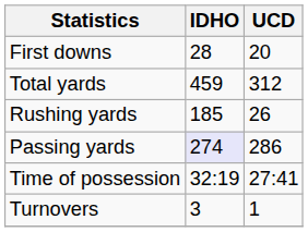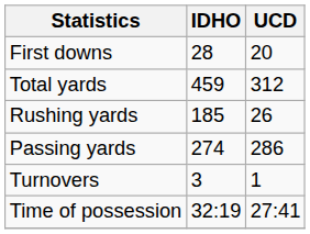 <table class="wikitable" style="float: left;">
 <tr>
 <th>Statistics</th>
 <th>IDHO</th>
 <th>UCD</th>
 </tr>
 <tr>
 <td>First downs</td>
 <td>28</td>
 <td>20</td>
 </tr>
 <tr>
 <td>Total yards</td>
 <td>459</td>
 <td>312</td>
 </tr>
 <tr>
 <td>Rushing yards</td>
 <td>185</td>
 <td>26</td>
 </tr>
 <tr>
 <td>Passing yards</td>
-<td style="background: lavender;">274</td>
+<td>274</td>
 <td>286</td>
+</tr>
+<tr>
+<td>Turnovers</td>
+<td>3</td>
+<td>1</td>
 </tr>
 <tr>
 <td>Time of possession</td>
 <td>32:19</td>
 <td>27:41</td>
 </tr>
 <tr>
-<td>Turnovers</td>
-<td>3</td>
-<td>1</td>
-</tr>
-<tr>
 </tr>
 </table>
